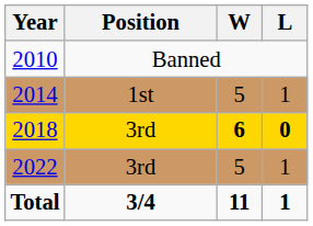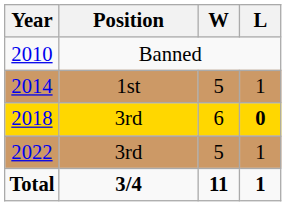 <table class="wikitable" style="text-align: center;">
 <tr>
 <th>Year</th>
 <th width="100">Position</th>
 <th width="25">W</th>
 <th width="25">L</th>
 </tr>
 <tr>
 <td> <a href='#'>2010</a></td>
 <td colspan=3>Banned</td>
 </tr>
 <tr bgcolor="#cc9966">
 <td> <a href='#'>2014</a></td>
 <td>1st</td>
 <td>5</td>
 <td>1</td>
 </tr>
 <tr bgcolor=gold>
 <td> <a href='#'>2018</a></td>
 <td>3rd</td>
-<td><strong>6</strong></td>
+<td>6</td>
 <td><strong>0</strong></td>
 </tr>
 <tr bgcolor="#cc9966">
 <td> <a href='#'>2022</a></td>
 <td>3rd</td>
 <td>5</td>
 <td>1</td>
 </tr>
 <tr>
 <td><strong>Total</strong></td>
 <td><strong>3/4</strong></td>
 <td><strong>11</strong></td>
 <td><strong>1</strong></td>
 </tr>
 </table>
